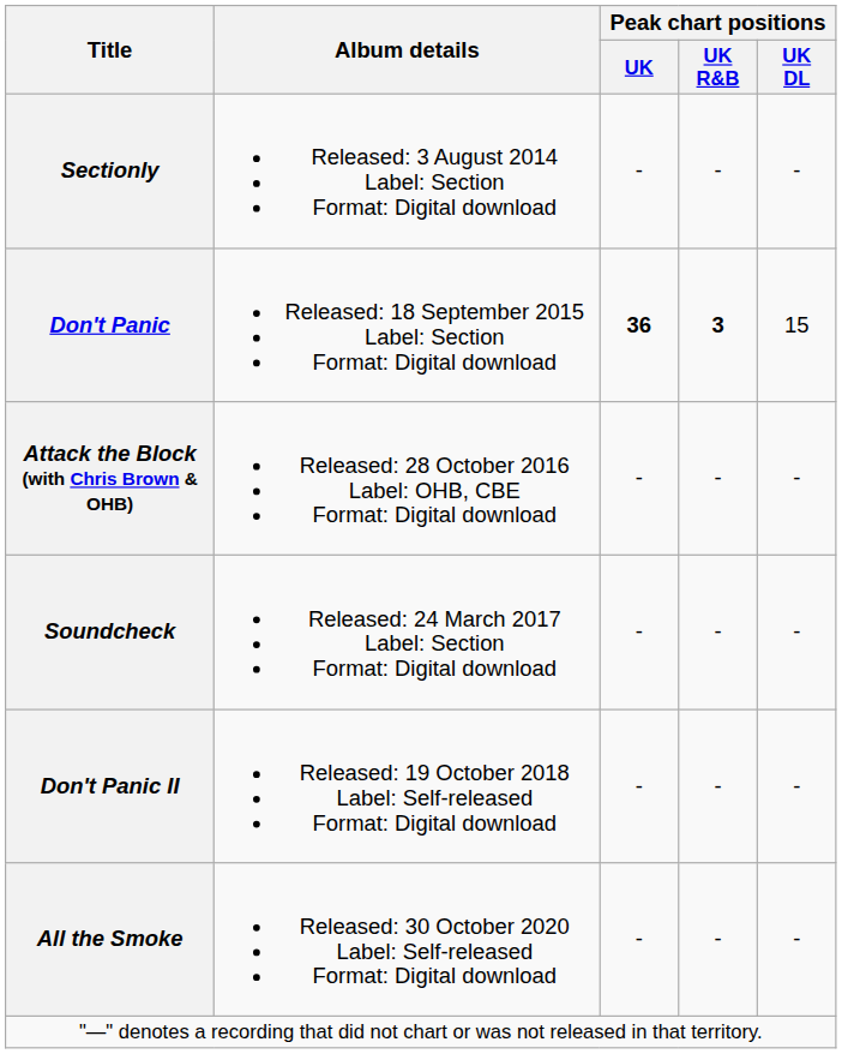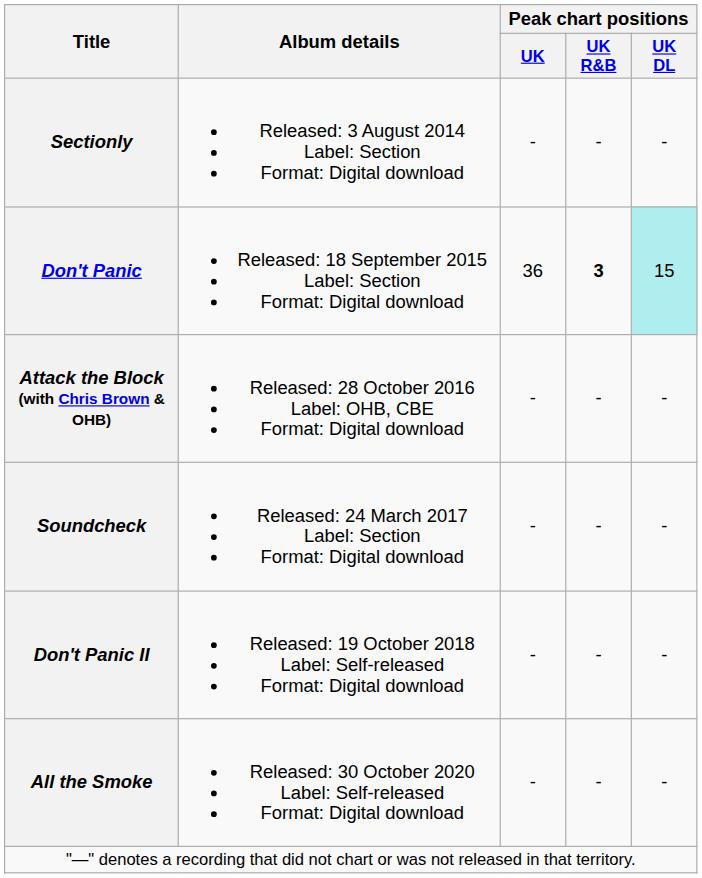 <table class="wikitable plainrowheaders" style="text-align:center;" border="1">
 <tr>
 <th scope="col" rowspan="2" style="width:9em;">Title</th>
 <th scope="col" rowspan="2" style="width:17em;">Album details</th>
 <th scope="col" colspan="3">Peak chart positions</th>
 </tr>
 <tr>
 <th scope="col" style="width:3.5em;font-size:90%;"><a href='#'>UK</a></th>
 <th scope="col" style="width:3.5em;font-size:90%;"><a href='#'>UK<br>R&B</a></th>
 <th scope="col" style="width:3.5em;font-size:90%;"><a href='#'>UK<br>DL</a></th>
 </tr>
 <tr>
 <th scope="row"><em>Sectionly</em></th>
 <td><br><ul><li>Released: 3 August 2014</li><li>Label: Section</li><li>Format: Digital download</li></ul></td>
 <td>-</td>
 <td>-</td>
 <td>-</td>
 </tr>
 <tr>
 <th scope="row"><em><a href='#'>Don't Panic</a></em></th>
 <td><br><ul><li>Released: 18 September 2015</li><li>Label: Section</li><li>Format: Digital download</li></ul></td>
-<td><strong>36</strong></td>
+<td>36</td>
 <td><strong>3</strong></td>
-<td>15</td>
+<td style="background: paleturquoise;">15</td>
 </tr>
 <tr>
 <th scope="row"><em>Attack the Block</em> <small>(with <a href='#'>Chris Brown</a> & OHB)</small></th>
 <td><br><ul><li>Released: 28 October 2016</li><li>Label: OHB, CBE</li><li>Format: Digital download</li></ul></td>
 <td>-</td>
 <td>-</td>
 <td>-</td>
 </tr>
 <tr>
 <th scope="row"><em>Soundcheck</em></th>
 <td><br><ul><li>Released: 24 March 2017</li><li>Label: Section</li><li>Format: Digital download</li></ul></td>
 <td>-</td>
 <td>-</td>
 <td>-</td>
 </tr>
 <tr>
 <th scope="row"><em>Don't Panic II</em></th>
 <td><br><ul><li>Released: 19 October 2018</li><li>Label: Self-released</li><li>Format: Digital download</li></ul></td>
 <td>-</td>
 <td>-</td>
 <td>-</td>
 </tr>
 <tr>
 <th scope="row"><em>All the Smoke</em></th>
 <td><br><ul><li>Released: 30 October 2020</li><li>Label: Self-released</li><li>Format: Digital download</li></ul></td>
 <td>-</td>
 <td>-</td>
 <td>-</td>
 </tr>
 <tr>
 <td colspan="5" style="font-size:90%">"—" denotes a recording that did not chart or was not released in that territory.</td>
 </tr>
 </table>
